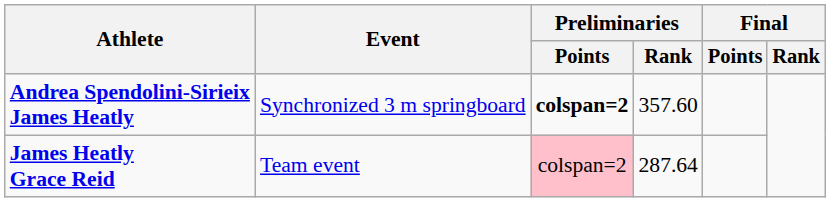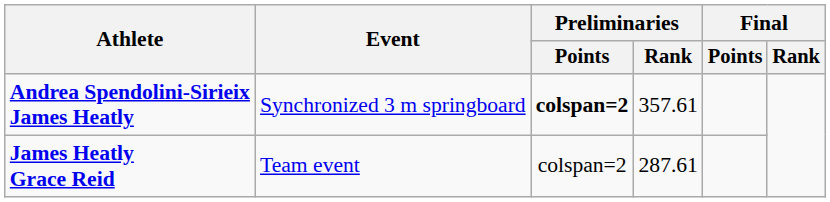 <table class="wikitable" style="text-align:center; font-size:90%">
 <tr>
 <th rowspan="2">Athlete</th>
 <th rowspan="2">Event</th>
 <th colspan="2">Preliminaries</th>
 <th colspan="2">Final</th>
 </tr>
 <tr style="font-size:95%">
 <th>Points</th>
 <th>Rank</th>
 <th>Points</th>
 <th>Rank</th>
 </tr>
 <tr>
 <td align=left><strong><a href='#'>Andrea Spendolini-Sirieix</a><br><a href='#'>James Heatly</a></strong></td>
 <td align=left><a href='#'>Synchronized 3 m springboard</a></td>
 <td><strong>colspan=2 </strong></td>
-<td>357.60</td>
+<td>357.61</td>
 <td></td>
 </tr>
 <tr>
 <td align=left><strong><a href='#'>James Heatly</a><br><a href='#'>Grace Reid</a></strong></td>
 <td align=left><a href='#'>Team event</a></td>
-<td style="background: pink;">colspan=2 </td>
-<td>287.64</td>
+<td>colspan=2 </td>
+<td>287.61</td>
 <td></td>
 </tr>
 </table>
